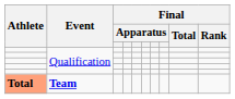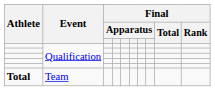 <table class="wikitable" style="font-size:90%">
 <tr>
 <th rowspan=3>Athlete</th>
 <th rowspan=3>Event</th>
 <th colspan =8>Final</th>
 </tr>
 <tr style="font-size:95%">
 <th colspan=6>Apparatus</th>
 <th rowspan=2>Total</th>
 <th rowspan=2>Rank</th>
 </tr>
 <tr style="font-size:95%">
 <th></th>
 <th></th>
 <th></th>
 <th></th>
 <th></th>
 <th></th>
 </tr>
 <tr align=center>
 <td align=left></td>
 <td style="text-align:left;" rowspan="5"><a href='#'>Qualification</a></td>
 <td></td>
 <td></td>
 <td></td>
 <td></td>
 <td></td>
 <td></td>
 <td></td>
 <td></td>
 </tr>
 <tr align=center>
 <td align=left></td>
 <td></td>
 <td></td>
 <td></td>
 <td></td>
 <td></td>
 <td></td>
 <td></td>
 <td></td>
 </tr>
 <tr align=center>
 <td align=left></td>
 <td></td>
 <td></td>
 <td></td>
 <td></td>
 <td></td>
 <td></td>
 <td></td>
 <td></td>
 </tr>
 <tr align=center>
 <td align=left></td>
 <td></td>
 <td></td>
 <td></td>
 <td></td>
 <td></td>
 <td></td>
 <td></td>
 <td></td>
 </tr>
 <tr align=center>
 <td align=left></td>
 <td></td>
 <td></td>
 <td></td>
 <td></td>
 <td></td>
 <td></td>
 <td></td>
 <td></td>
 </tr>
 <tr align=center>
-<td align=left style="background: lightsalmon;"><strong>Total</strong></td>
-<td style="text-align:left;"><strong><a href='#'>Team</a></strong></td>
+<td align=left><strong>Total</strong></td>
+<td style="text-align:left;"><a href='#'>Team</a></td>
 <td></td>
 <td></td>
 <td></td>
 <td></td>
 <td></td>
 <td></td>
 <td></td>
 <td></td>
 </tr>
 </table>
